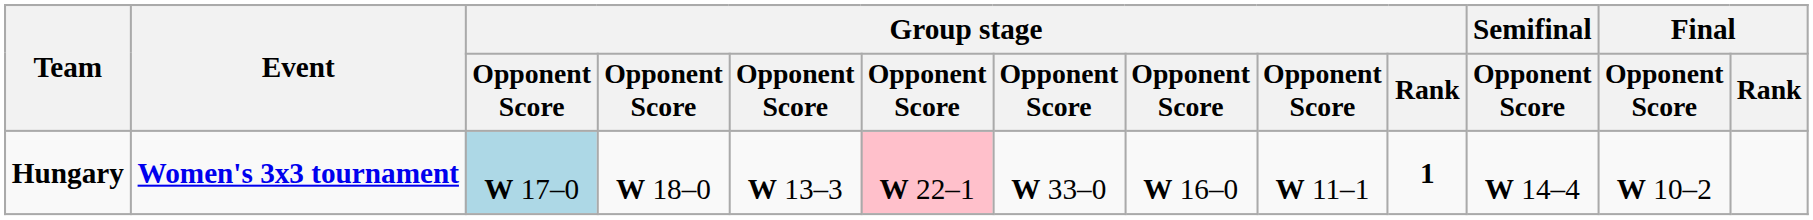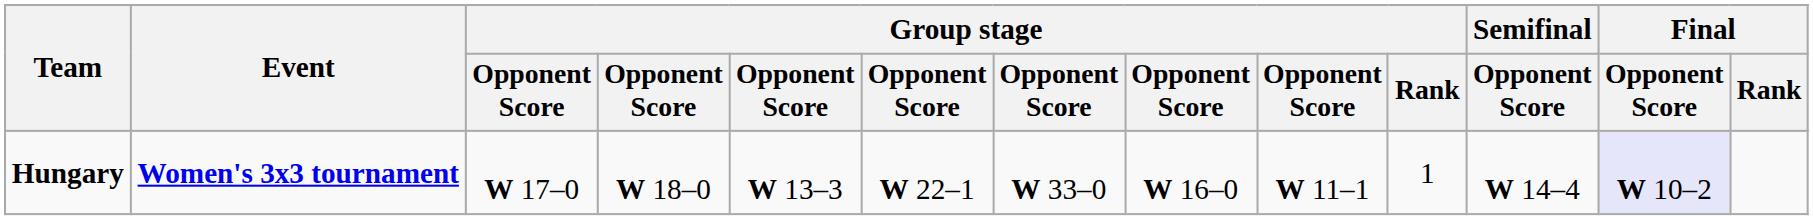 <table class="wikitable" style="font-size:90%">
 <tr>
 <th rowspan=2>Team</th>
 <th rowspan=2>Event</th>
 <th colspan=8>Group stage</th>
 <th>Semifinal</th>
 <th colspan=2>Final</th>
 </tr>
 <tr style="font-size:95%">
 <th>Opponent<br>Score</th>
 <th>Opponent<br>Score</th>
 <th>Opponent<br>Score</th>
 <th>Opponent<br>Score</th>
 <th>Opponent<br>Score</th>
 <th>Opponent<br>Score</th>
 <th>Opponent<br>Score</th>
 <th>Rank</th>
 <th>Opponent<br>Score</th>
 <th>Opponent<br>Score</th>
 <th>Rank</th>
 </tr>
 <tr align=center>
 <td align=left><strong>Hungary</strong></td>
 <td align=left><strong><a href='#'>Women's 3x3 tournament</a></strong></td>
-<td style="background: lightblue;"><br><strong>W</strong> 17–0</td>
+<td><br><strong>W</strong> 17–0</td>
 <td><br><strong>W</strong> 18–0</td>
 <td><br><strong>W</strong> 13–3</td>
-<td style="background: pink;"><br><strong>W</strong> 22–1</td>
+<td><br><strong>W</strong> 22–1</td>
 <td><br><strong>W</strong> 33–0</td>
 <td><br><strong>W</strong> 16–0</td>
 <td><br><strong>W</strong> 11–1</td>
-<td><strong>1</strong></td>
+<td>1</td>
 <td><br><strong>W</strong> 14–4</td>
-<td><br><strong>W</strong> 10–2</td>
+<td style="background: lavender;"><br><strong>W</strong> 10–2</td>
 <td></td>
 </tr>
 </table>
